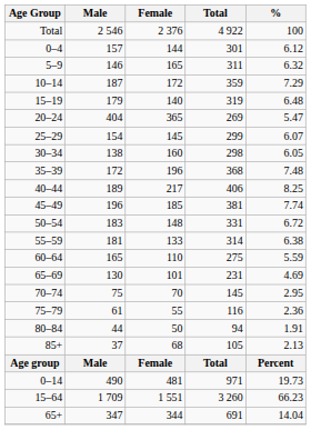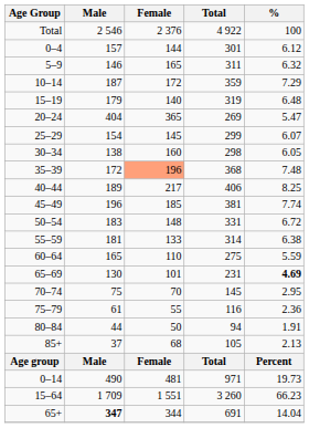 <table class="wikitable">
 <tr>
 <th width="80pt">Age Group</th>
 <th width="80pt">Male</th>
 <th width="80pt">Female</th>
 <th width="80pt">Total</th>
 <th width="80pt">%</th>
 </tr>
 <tr>
 <td align="right">Total</td>
 <td align="right">2 546</td>
 <td align="right">2 376</td>
 <td align="right">4 922</td>
 <td align="right">100</td>
 </tr>
 <tr>
 <td align="right">0–4</td>
 <td align="right">157</td>
 <td align="right">144</td>
 <td align="right">301</td>
 <td align="right">6.12</td>
 </tr>
 <tr>
 <td align="right">5–9</td>
 <td align="right">146</td>
 <td align="right">165</td>
 <td align="right">311</td>
 <td align="right">6.32</td>
 </tr>
 <tr>
 <td align="right">10–14</td>
 <td align="right">187</td>
 <td align="right">172</td>
 <td align="right">359</td>
 <td align="right">7.29</td>
 </tr>
 <tr>
 <td align="right">15–19</td>
 <td align="right">179</td>
 <td align="right">140</td>
 <td align="right">319</td>
 <td align="right">6.48</td>
 </tr>
 <tr>
 <td align="right">20–24</td>
 <td align="right">404</td>
 <td align="right">365</td>
 <td align="right">269</td>
 <td align="right">5.47</td>
 </tr>
 <tr>
 <td align="right">25–29</td>
 <td align="right">154</td>
 <td align="right">145</td>
 <td align="right">299</td>
 <td align="right">6.07</td>
 </tr>
 <tr>
 <td align="right">30–34</td>
 <td align="right">138</td>
 <td align="right">160</td>
 <td align="right">298</td>
 <td align="right">6.05</td>
 </tr>
 <tr>
 <td align="right">35–39</td>
 <td align="right">172</td>
-<td align="right">196</td>
+<td align="right" style="background: lightsalmon;">196</td>
 <td align="right">368</td>
 <td align="right">7.48</td>
 </tr>
 <tr>
 <td align="right">40–44</td>
 <td align="right">189</td>
 <td align="right">217</td>
 <td align="right">406</td>
 <td align="right">8.25</td>
 </tr>
 <tr>
 <td align="right">45–49</td>
 <td align="right">196</td>
 <td align="right">185</td>
 <td align="right">381</td>
 <td align="right">7.74</td>
 </tr>
 <tr>
 <td align="right">50–54</td>
 <td align="right">183</td>
 <td align="right">148</td>
 <td align="right">331</td>
 <td align="right">6.72</td>
 </tr>
 <tr>
 <td align="right">55–59</td>
 <td align="right">181</td>
 <td align="right">133</td>
 <td align="right">314</td>
 <td align="right">6.38</td>
 </tr>
 <tr>
 <td align="right">60–64</td>
 <td align="right">165</td>
 <td align="right">110</td>
 <td align="right">275</td>
 <td align="right">5.59</td>
 </tr>
 <tr>
 <td align="right">65–69</td>
 <td align="right">130</td>
 <td align="right">101</td>
 <td align="right">231</td>
-<td align="right">4.69</td>
+<td align="right"><strong>4.69</strong></td>
 </tr>
 <tr>
 <td align="right">70–74</td>
 <td align="right">75</td>
 <td align="right">70</td>
 <td align="right">145</td>
 <td align="right">2.95</td>
 </tr>
 <tr>
 <td align="right">75–79</td>
 <td align="right">61</td>
 <td align="right">55</td>
 <td align="right">116</td>
 <td align="right">2.36</td>
 </tr>
 <tr>
 <td align="right">80–84</td>
 <td align="right">44</td>
 <td align="right">50</td>
 <td align="right">94</td>
 <td align="right">1.91</td>
 </tr>
 <tr>
 <td align="right">85+</td>
 <td align="right">37</td>
 <td align="right">68</td>
 <td align="right">105</td>
 <td align="right">2.13</td>
 </tr>
 <tr>
 <th width="50">Age group</th>
 <th width="80pt">Male</th>
 <th width="80">Female</th>
 <th width="80">Total</th>
 <th width="50">Percent</th>
 </tr>
 <tr>
 <td align="right">0–14</td>
 <td align="right">490</td>
 <td align="right">481</td>
 <td align="right">971</td>
 <td align="right">19.73</td>
 </tr>
 <tr>
 <td align="right">15–64</td>
 <td align="right">1 709</td>
 <td align="right">1 551</td>
 <td align="right">3 260</td>
 <td align="right">66.23</td>
 </tr>
 <tr>
 <td align="right">65+</td>
-<td align="right">347</td>
+<td align="right"><strong>347</strong></td>
 <td align="right">344</td>
 <td align="right">691</td>
 <td align="right">14.04</td>
 </tr>
 <tr>
 </tr>
 </table>
